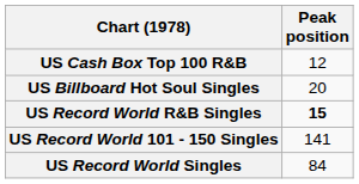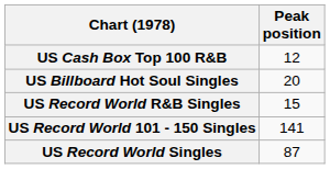 <table class="wikitable plainrowheaders sortable">
 <tr>
 <th>Chart (1978)</th>
 <th>Peak<br>position</th>
 </tr>
 <tr>
 <th scope="row">US <em>Cash Box</em> Top 100 R&B</th>
 <td align="center">12</td>
 </tr>
 <tr>
 <th scope="row">US <em>Billboard</em> Hot Soul Singles</th>
 <td align="center">20</td>
 </tr>
 <tr>
 <th scope="row">US <em>Record World</em> R&B Singles</th>
-<td align="center"><strong>15</strong></td>
+<td align="center">15</td>
 </tr>
 <tr>
 <th scope="row">US <em>Record World</em> 101 - 150 Singles</th>
 <td align="center">141</td>
 </tr>
 <tr>
 <th scope="row">US <em>Record World</em> Singles</th>
-<td align="center">84</td>
+<td align="center">87</td>
 </tr>
 </table>
